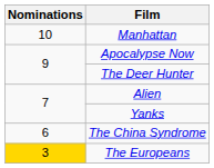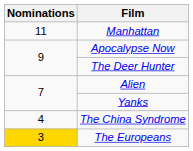 <table class="wikitable" style="text-align:center;">
 <tr>
 <th style="background:">Nominations</th>
 <th style="background:">Film</th>
 </tr>
 <tr>
-<td>10</td>
+<td>11</td>
 <td><em><a href='#'>Manhattan</a></em></td>
 </tr>
 <tr>
 <td rowspan="2">9</td>
 <td><em><a href='#'>Apocalypse Now</a></em></td>
 </tr>
 <tr>
 <td><em><a href='#'>The Deer Hunter</a></em></td>
 </tr>
 <tr>
 <td rowspan="2">7</td>
 <td><em><a href='#'>Alien</a></em></td>
 </tr>
 <tr>
 <td><em><a href='#'>Yanks</a></em></td>
 </tr>
 <tr>
-<td>6</td>
+<td>4</td>
 <td><em><a href='#'>The China Syndrome</a></em></td>
 </tr>
 <tr>
 <td style="background: gold;">3</td>
 <td><em><a href='#'>The Europeans</a></em></td>
 </tr>
 </table>
